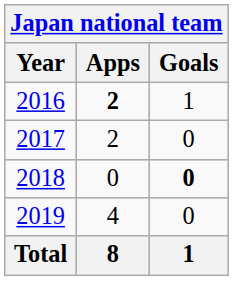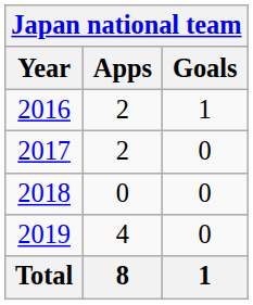 <table class="wikitable" style="text-align:center">
 <tr>
 <th colspan="3"><a href='#'>Japan national team</a></th>
 </tr>
 <tr>
 <th>Year</th>
 <th>Apps</th>
 <th>Goals</th>
 </tr>
 <tr>
 <td><a href='#'>2016</a></td>
-<td><strong>2</strong></td>
+<td>2</td>
 <td>1</td>
 </tr>
 <tr>
 <td><a href='#'>2017</a></td>
 <td>2</td>
 <td>0</td>
 </tr>
 <tr>
 <td><a href='#'>2018</a></td>
 <td>0</td>
-<td><strong>0</strong></td>
+<td>0</td>
 </tr>
 <tr>
 <td><a href='#'>2019</a></td>
 <td>4</td>
 <td>0</td>
 </tr>
 <tr>
 <th>Total</th>
 <th>8</th>
 <th>1</th>
 </tr>
 </table>
